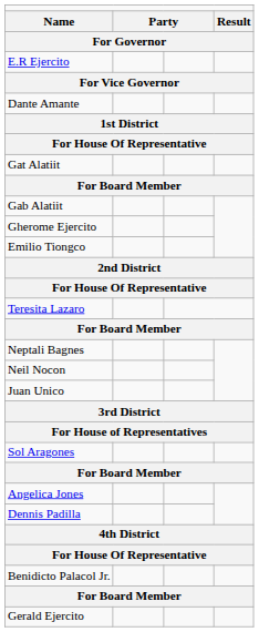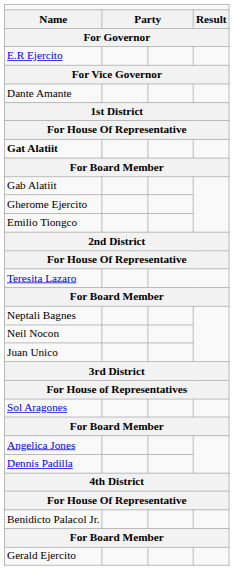 <table class="wikitable" style="font-size:90%">
 <tr>
 <td colspan="5" style="color:inherit;background:"></td>
 </tr>
 <tr>
 <th !width=150px>Name</th>
 <th colspan=2 width=110px>Party</th>
 <th>Result</th>
 </tr>
 <tr>
 <th colspan="5">For Governor</th>
 </tr>
 <tr Won>
 <td><a href='#'>E.R Ejercito</a></td>
 <td></td>
 <td></td>
 </tr>
 <tr>
 <th colspan="5">For Vice Governor</th>
 </tr>
 <tr>
 <td>Dante Amante</td>
 <td></td>
 <td></td>
 </tr>
 <tr>
 <th colspan="5">1st District</th>
 </tr>
 <tr>
 <th colspan="5">For House Of Representative</th>
 </tr>
 <tr>
-<td>Gat Alatiit</td>
+<td><strong>Gat Alatiit</strong></td>
 <td></td>
 <td></td>
 </tr>
 <tr>
 <th colspan="5">For Board Member</th>
 </tr>
 <tr>
 <td>Gab Alatiit</td>
 <td></td>
 <td></td>
 </tr>
 <tr>
 <td>Gherome Ejercito</td>
 <td></td>
 <td></td>
 </tr>
 <tr>
 <td>Emilio Tiongco</td>
 <td></td>
 <td></td>
 </tr>
 <tr>
 <th colspan="5">2nd District</th>
 </tr>
 <tr>
 <th colspan="5">For House Of Representative</th>
 </tr>
 <tr>
 <td><a href='#'>Teresita Lazaro</a></td>
 <td></td>
 </tr>
 <tr>
 <th colspan="5">For Board Member</th>
 </tr>
 <tr>
 <td>Neptali Bagnes</td>
 <td></td>
 <td></td>
 </tr>
 <tr>
 <td>Neil Nocon</td>
 <td></td>
 <td></td>
 </tr>
 <tr>
 <td>Juan Unico</td>
 <td></td>
 <td></td>
 </tr>
 <tr>
 <th colspan="5">3rd District</th>
 </tr>
 <tr>
 <th colspan="5">For House of Representatives</th>
 </tr>
 <tr>
 <td><a href='#'>Sol Aragones</a></td>
 <td></td>
 <td></td>
 </tr>
 <tr>
 <th colspan="5">For Board Member</th>
 </tr>
 <tr>
 <td><a href='#'>Angelica Jones</a></td>
 <td></td>
 <td></td>
 </tr>
 <tr>
 <td><a href='#'>Dennis Padilla</a></td>
 <td></td>
 <td></td>
 </tr>
 <tr>
 <th colspan="5">4th District</th>
 </tr>
 <tr>
 <th colspan="5">For House Of Representative</th>
 </tr>
 <tr>
 <td>Benidicto Palacol Jr.</td>
 <td></td>
 <td></td>
 </tr>
 <tr>
 <th colspan="5">For Board Member</th>
 </tr>
 <tr>
 <td>Gerald Ejercito</td>
 <td></td>
 <td></td>
 </tr>
 </table>
